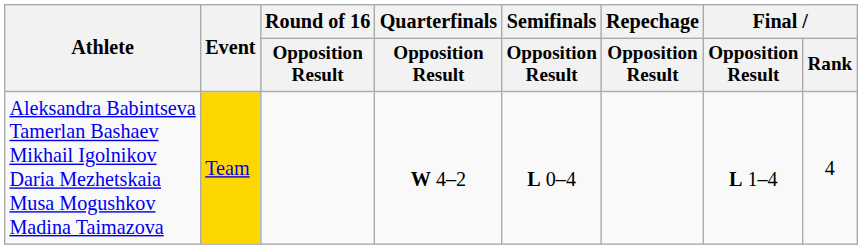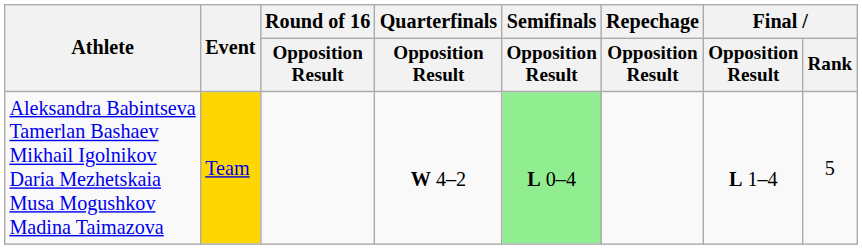 <table class=wikitable style="text-align:center; font-size:90%">
 <tr>
 <th rowspan=2>Athlete</th>
 <th rowspan=2>Event</th>
 <th>Round of 16</th>
 <th>Quarterfinals</th>
 <th>Semifinals</th>
 <th>Repechage</th>
 <th colspan=2>Final / </th>
 </tr>
 <tr style="font-size:95%">
 <th>Opposition<br>Result</th>
 <th>Opposition<br>Result</th>
 <th>Opposition<br>Result</th>
 <th>Opposition<br>Result</th>
 <th>Opposition<br>Result</th>
 <th>Rank</th>
 </tr>
 <tr>
 <td align=left><a href='#'>Aleksandra Babintseva</a><br><a href='#'>Tamerlan Bashaev</a><br><a href='#'>Mikhail Igolnikov</a><br><a href='#'>Daria Mezhetskaia</a><br><a href='#'>Musa Mogushkov</a><br><a href='#'>Madina Taimazova</a></td>
 <td align=left style="background: gold;"><a href='#'>Team</a></td>
 <td></td>
 <td><br><strong>W</strong> 4–2</td>
-<td><br><strong>L</strong> 0–4</td>
+<td style="background: lightgreen;"><br><strong>L</strong> 0–4</td>
 <td></td>
 <td><br><strong>L</strong> 1–4</td>
-<td>4</td>
+<td>5</td>
 </tr>
 </table>
